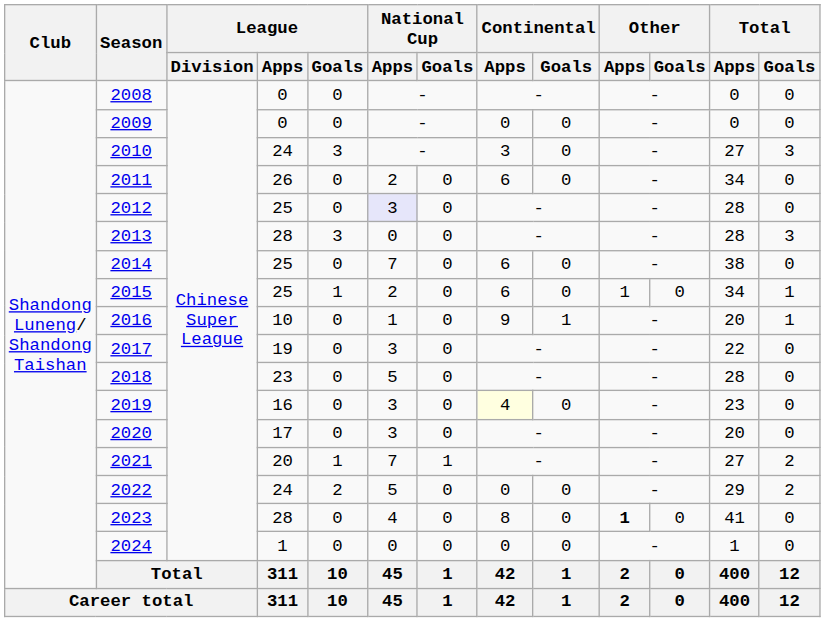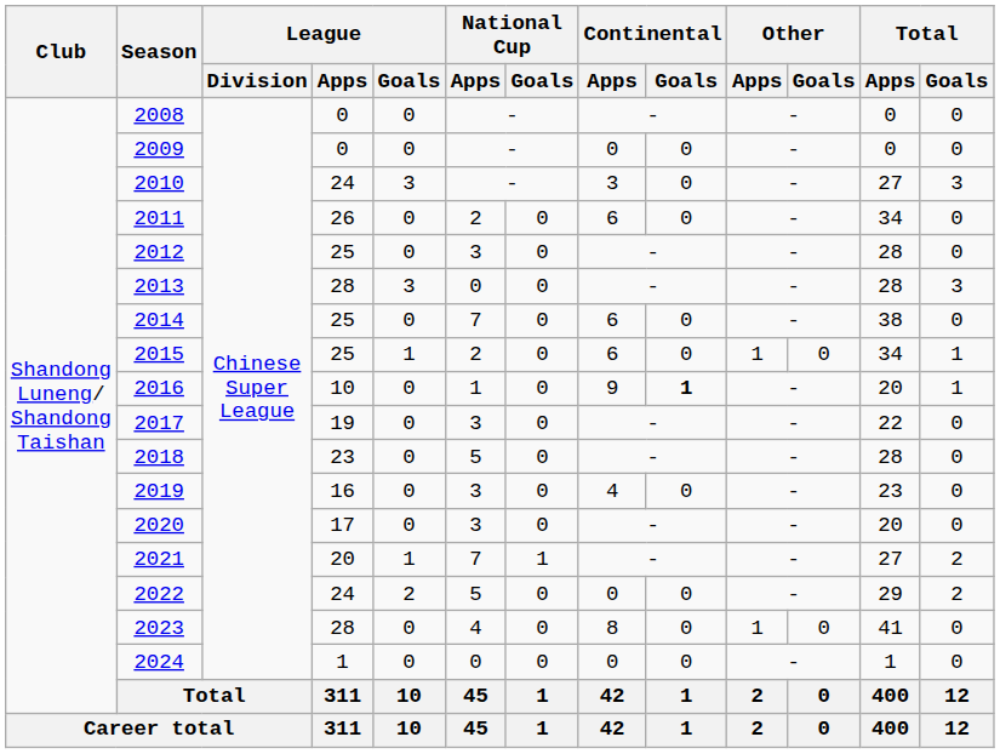 <table class="wikitable" style="text-align: center">
 <tr>
 <th rowspan="2">Club</th>
 <th rowspan="2">Season</th>
 <th colspan="3">League</th>
 <th colspan="2">National Cup</th>
 <th colspan="2">Continental</th>
 <th colspan="2">Other</th>
 <th colspan="2">Total</th>
 </tr>
 <tr>
 <th>Division</th>
 <th>Apps</th>
 <th>Goals</th>
 <th>Apps</th>
 <th>Goals</th>
 <th>Apps</th>
 <th>Goals</th>
 <th>Apps</th>
 <th>Goals</th>
 <th>Apps</th>
 <th>Goals</th>
 </tr>
 <tr>
 <td rowspan=18><a href='#'>Shandong Luneng</a>/<br><a href='#'>Shandong Taishan</a></td>
 <td><a href='#'>2008</a></td>
 <td rowspan=17><a href='#'>Chinese Super League</a></td>
 <td>0</td>
 <td>0</td>
 <td colspan="2">-</td>
 <td colspan="2">-</td>
 <td colspan="2">-</td>
 <td>0</td>
 <td>0</td>
 </tr>
 <tr>
 <td><a href='#'>2009</a></td>
 <td>0</td>
 <td>0</td>
 <td colspan="2">-</td>
 <td>0</td>
 <td>0</td>
 <td colspan="2">-</td>
 <td>0</td>
 <td>0</td>
 </tr>
 <tr>
 <td><a href='#'>2010</a></td>
 <td>24</td>
 <td>3</td>
 <td colspan="2">-</td>
 <td>3</td>
 <td>0</td>
 <td colspan="2">-</td>
 <td>27</td>
 <td>3</td>
 </tr>
 <tr>
 <td><a href='#'>2011</a></td>
 <td>26</td>
 <td>0</td>
 <td>2</td>
 <td>0</td>
 <td>6</td>
 <td>0</td>
 <td colspan="2">-</td>
 <td>34</td>
 <td>0</td>
 </tr>
 <tr>
 <td><a href='#'>2012</a></td>
 <td>25</td>
 <td>0</td>
-<td style="background: lavender;">3</td>
+<td>3</td>
 <td>0</td>
 <td colspan="2">-</td>
 <td colspan="2">-</td>
 <td>28</td>
 <td>0</td>
 </tr>
 <tr>
 <td><a href='#'>2013</a></td>
 <td>28</td>
 <td>3</td>
 <td>0</td>
 <td>0</td>
 <td colspan="2">-</td>
 <td colspan="2">-</td>
 <td>28</td>
 <td>3</td>
 </tr>
 <tr>
 <td><a href='#'>2014</a></td>
 <td>25</td>
 <td>0</td>
 <td>7</td>
 <td>0</td>
 <td>6</td>
 <td>0</td>
 <td colspan="2">-</td>
 <td>38</td>
 <td>0</td>
 </tr>
 <tr>
 <td><a href='#'>2015</a></td>
 <td>25</td>
 <td>1</td>
 <td>2</td>
 <td>0</td>
 <td>6</td>
 <td>0</td>
 <td>1</td>
 <td>0</td>
 <td>34</td>
 <td>1</td>
 </tr>
 <tr>
 <td><a href='#'>2016</a></td>
 <td>10</td>
 <td>0</td>
 <td>1</td>
 <td>0</td>
 <td>9</td>
-<td>1</td>
+<td><strong>1</strong></td>
 <td colspan="2">-</td>
 <td>20</td>
 <td>1</td>
 </tr>
 <tr>
 <td><a href='#'>2017</a></td>
 <td>19</td>
 <td>0</td>
 <td>3</td>
 <td>0</td>
 <td colspan="2">-</td>
 <td colspan="2">-</td>
 <td>22</td>
 <td>0</td>
 </tr>
 <tr>
 <td><a href='#'>2018</a></td>
 <td>23</td>
 <td>0</td>
 <td>5</td>
 <td>0</td>
 <td colspan="2">-</td>
 <td colspan="2">-</td>
 <td>28</td>
 <td>0</td>
 </tr>
 <tr>
 <td><a href='#'>2019</a></td>
 <td>16</td>
 <td>0</td>
 <td>3</td>
 <td>0</td>
-<td style="background: lightyellow;">4</td>
+<td>4</td>
 <td>0</td>
 <td colspan="2">-</td>
 <td>23</td>
 <td>0</td>
 </tr>
 <tr>
 <td><a href='#'>2020</a></td>
 <td>17</td>
 <td>0</td>
 <td>3</td>
 <td>0</td>
 <td colspan="2">-</td>
 <td colspan="2">-</td>
 <td>20</td>
 <td>0</td>
 </tr>
 <tr>
 <td><a href='#'>2021</a></td>
 <td>20</td>
 <td>1</td>
 <td>7</td>
 <td>1</td>
 <td colspan="2">-</td>
 <td colspan="2">-</td>
 <td>27</td>
 <td>2</td>
 </tr>
 <tr>
 <td><a href='#'>2022</a></td>
 <td>24</td>
 <td>2</td>
 <td>5</td>
 <td>0</td>
 <td>0</td>
 <td>0</td>
 <td colspan="2">-</td>
 <td>29</td>
 <td>2</td>
 </tr>
 <tr>
 <td><a href='#'>2023</a></td>
 <td>28</td>
 <td>0</td>
 <td>4</td>
 <td>0</td>
 <td>8</td>
 <td>0</td>
-<td><strong>1</strong></td>
+<td>1</td>
 <td>0</td>
 <td>41</td>
 <td>0</td>
 </tr>
 <tr>
 <td><a href='#'>2024</a></td>
 <td>1</td>
 <td>0</td>
 <td>0</td>
 <td>0</td>
 <td>0</td>
 <td>0</td>
 <td colspan="2">-</td>
 <td>1</td>
 <td>0</td>
 </tr>
 <tr>
 <th colspan=2>Total</th>
 <th>311</th>
 <th>10</th>
 <th>45</th>
 <th>1</th>
 <th>42</th>
 <th>1</th>
 <th>2</th>
 <th>0</th>
 <th>400</th>
 <th>12</th>
 </tr>
 <tr>
 <th colspan=3>Career total</th>
 <th>311</th>
 <th>10</th>
 <th>45</th>
 <th>1</th>
 <th>42</th>
 <th>1</th>
 <th>2</th>
 <th>0</th>
 <th>400</th>
 <th>12</th>
 </tr>
 </table>
